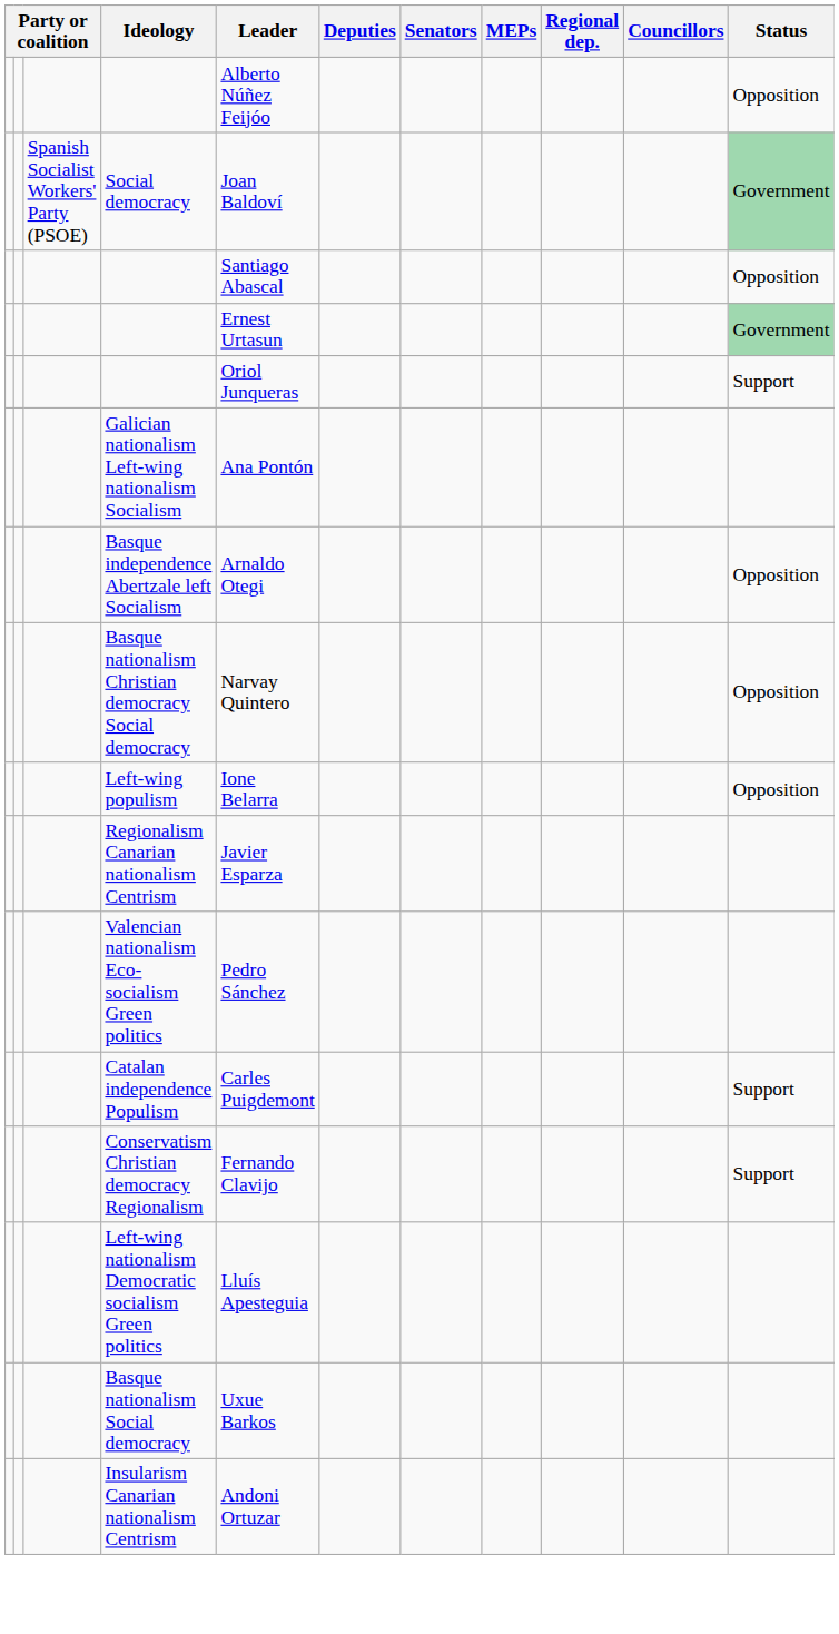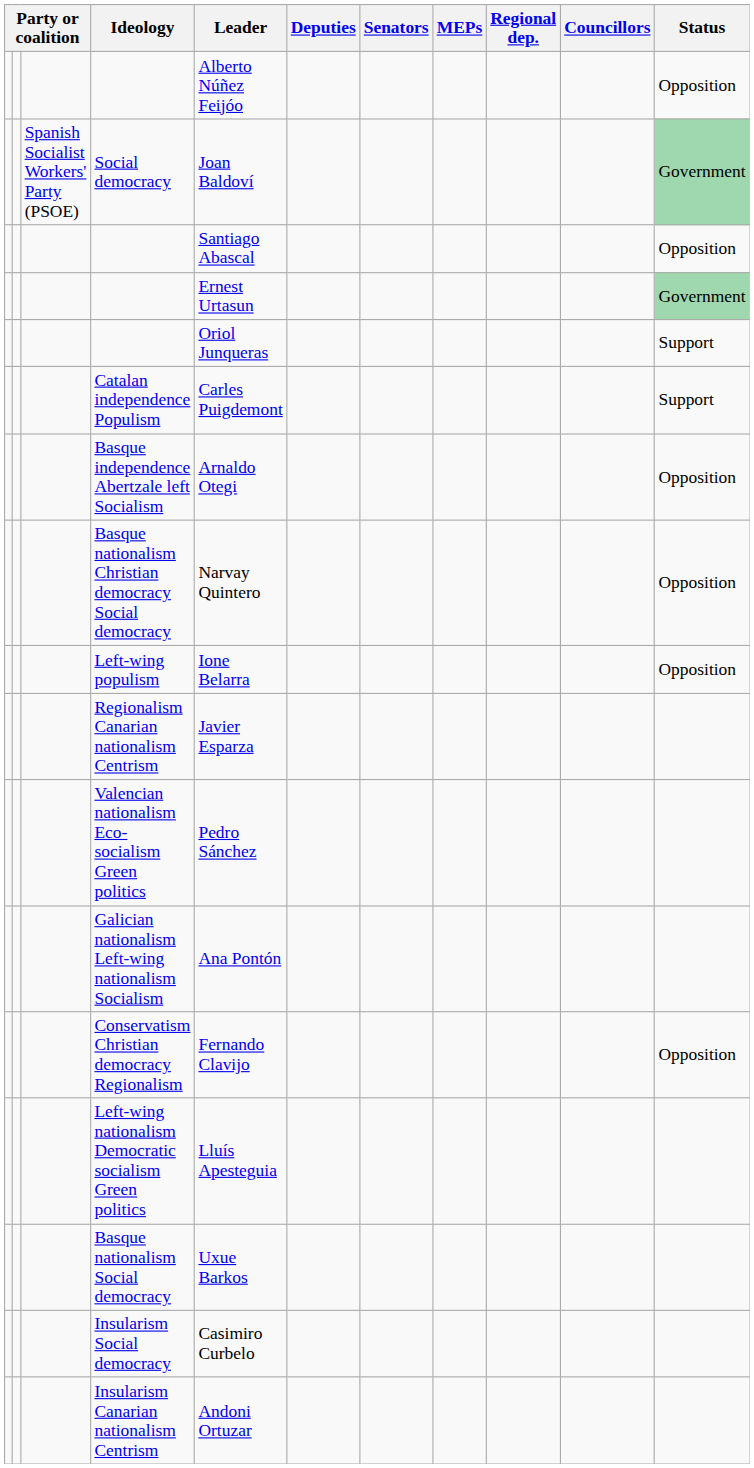 <table class="wikitable sortable" style="font-size:100%">
 <tr>
 <th colspan="3">Party or coalition</th>
 <th>Ideology</th>
 <th>Leader</th>
 <th><a href='#'>Deputies</a></th>
 <th><a href='#'>Senators</a></th>
 <th><a href='#'>MEPs</a></th>
 <th><a href='#'>Regional dep.</a></th>
 <th><a href='#'>Councillors</a></th>
 <th class="unsortable">Status</th>
 </tr>
 <tr>
 <td width="1"></td>
 <td></td>
 <td></td>
 <td></td>
 <td><a href='#'>Alberto Núñez Feijóo</a></td>
 <td></td>
 <td></td>
 <td></td>
 <td></td>
 <td></td>
 <td>Opposition</td>
 </tr>
 <tr>
 <td></td>
 <td></td>
 <td><a href='#'>Spanish Socialist Workers' Party</a> (PSOE)<br></td>
 <td><a href='#'>Social democracy</a></td>
 <td><a href='#'>Joan Baldoví</a></td>
 <td></td>
 <td></td>
 <td></td>
 <td></td>
 <td></td>
 <td style="background:#9fd8af">Government</td>
 </tr>
 <tr>
 <td></td>
 <td></td>
 <td></td>
 <td></td>
 <td><a href='#'>Santiago Abascal</a></td>
 <td></td>
 <td></td>
 <td></td>
 <td></td>
 <td></td>
 <td>Opposition</td>
 </tr>
 <tr>
 <td></td>
 <td></td>
 <td></td>
 <td></td>
 <td><a href='#'>Ernest Urtasun</a></td>
 <td></td>
 <td></td>
 <td></td>
 <td></td>
 <td></td>
 <td style="background:#9fd8af">Government</td>
 </tr>
 <tr>
 <td></td>
 <td></td>
 <td></td>
 <td></td>
 <td><a href='#'>Oriol Junqueras</a></td>
 <td></td>
 <td></td>
 <td></td>
 <td></td>
 <td></td>
 <td>Support</td>
 </tr>
 <tr>
 <td></td>
 <td></td>
 <td></td>
-<td><a href='#'>Galician nationalism</a><br><a href='#'>Left-wing nationalism</a><br><a href='#'>Socialism</a></td>
-<td><a href='#'>Ana Pontón</a></td>
+<td><a href='#'>Catalan independence</a><br><a href='#'>Populism</a></td>
+<td><a href='#'>Carles Puigdemont</a></td>
 <td></td>
 <td></td>
 <td></td>
 <td></td>
 <td></td>
-<td></td>
+<td>Support</td>
 </tr>
 <tr>
 <td></td>
 <td></td>
 <td></td>
 <td><a href='#'>Basque independence</a><br><a href='#'>Abertzale left</a><br><a href='#'>Socialism</a></td>
 <td><a href='#'>Arnaldo Otegi</a></td>
 <td></td>
 <td></td>
 <td></td>
 <td></td>
 <td></td>
 <td>Opposition</td>
 </tr>
 <tr>
 <td></td>
 <td></td>
 <td></td>
 <td><a href='#'>Basque nationalism</a><br><a href='#'>Christian democracy</a><br><a href='#'>Social democracy</a></td>
 <td>Narvay Quintero</td>
 <td></td>
 <td></td>
 <td></td>
 <td></td>
 <td></td>
 <td>Opposition</td>
 </tr>
 <tr>
 <td></td>
 <td></td>
 <td></td>
 <td><a href='#'>Left-wing populism</a></td>
 <td><a href='#'>Ione Belarra</a></td>
 <td></td>
 <td></td>
 <td></td>
 <td></td>
 <td></td>
 <td>Opposition</td>
 </tr>
 <tr>
 <td></td>
 <td></td>
 <td></td>
 <td><a href='#'>Regionalism</a><br><a href='#'>Canarian nationalism</a><br><a href='#'>Centrism</a></td>
 <td><a href='#'>Javier Esparza</a></td>
 <td></td>
 <td></td>
 <td></td>
 <td></td>
 <td></td>
 <td></td>
 </tr>
 <tr>
 <td></td>
 <td></td>
 <td></td>
 <td><a href='#'>Valencian nationalism</a><br><a href='#'>Eco-socialism</a><br><a href='#'>Green politics</a></td>
 <td><a href='#'>Pedro Sánchez</a></td>
 <td></td>
 <td></td>
 <td></td>
 <td></td>
 <td></td>
 <td></td>
 </tr>
 <tr>
 <td></td>
 <td></td>
 <td></td>
-<td><a href='#'>Catalan independence</a><br><a href='#'>Populism</a></td>
-<td><a href='#'>Carles Puigdemont</a></td>
+<td><a href='#'>Galician nationalism</a><br><a href='#'>Left-wing nationalism</a><br><a href='#'>Socialism</a></td>
+<td><a href='#'>Ana Pontón</a></td>
 <td></td>
 <td></td>
 <td></td>
 <td></td>
 <td></td>
-<td>Support</td>
+<td></td>
 </tr>
 <tr>
 <td></td>
 <td></td>
 <td></td>
 <td><a href='#'>Conservatism</a><br><a href='#'>Christian democracy</a><br><a href='#'>Regionalism</a></td>
 <td><a href='#'>Fernando Clavijo</a></td>
 <td></td>
 <td></td>
 <td></td>
 <td></td>
 <td></td>
-<td>Support</td>
+<td>Opposition</td>
 </tr>
 <tr>
 <td></td>
 <td></td>
 <td></td>
 <td><a href='#'>Left-wing nationalism</a><br><a href='#'>Democratic socialism</a><br><a href='#'>Green politics</a></td>
 <td><a href='#'>Lluís Apesteguia</a></td>
 <td></td>
 <td></td>
 <td></td>
 <td></td>
 <td></td>
 <td></td>
 </tr>
 <tr>
 <td></td>
 <td></td>
 <td></td>
 <td><a href='#'>Basque nationalism</a><br><a href='#'>Social democracy</a></td>
 <td><a href='#'>Uxue Barkos</a></td>
 <td></td>
 <td></td>
 <td></td>
 <td></td>
 <td></td>
 <td></td>
 </tr>
 <tr>
 <td></td>
 <td></td>
 <td></td>
+<td><a href='#'>Insularism</a><br><a href='#'>Social democracy</a></td>
+<td>Casimiro Curbelo</td>
+<td></td>
+<td></td>
+<td></td>
+<td></td>
+<td></td>
+<td></td>
+</tr>
+<tr>
+<td></td>
+<td></td>
+<td></td>
 <td><a href='#'>Insularism</a><br><a href='#'>Canarian nationalism</a><br><a href='#'>Centrism</a></td>
 <td><a href='#'>Andoni Ortuzar</a></td>
 <td></td>
 <td></td>
 <td></td>
 <td></td>
 <td></td>
 <td></td>
 </tr>
 </table>
